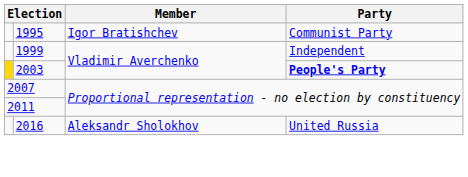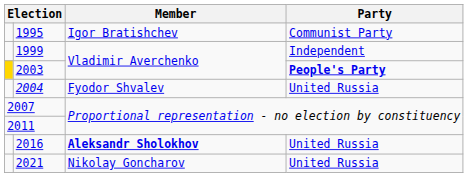 <table class="wikitable">
 <tr>
 <th colspan="2">Election</th>
 <th>Member</th>
 <th>Party</th>
 </tr>
 <tr>
 <td style="background-color:"></td>
 <td><a href='#'>1995</a></td>
 <td><a href='#'>Igor Bratishchev</a></td>
 <td><a href='#'>Communist Party</a></td>
 </tr>
 <tr>
 <td style="background-color:"></td>
 <td><a href='#'>1999</a></td>
 <td rowspan=2><a href='#'>Vladimir Averchenko</a></td>
 <td><a href='#'>Independent</a></td>
 </tr>
 <tr>
 <td style="background-color:#FFD700"></td>
 <td><a href='#'>2003</a></td>
 <td><strong><a href='#'>People's Party</a></strong></td>
 </tr>
 <tr>
+<td style="background-color:"></td>
+<td><em><a href='#'>2004</a></em></td>
+<td><a href='#'>Fyodor Shvalev</a></td>
+<td><a href='#'>United Russia</a></td>
+</tr>
+<tr>
 <td colspan=2><a href='#'>2007</a></td>
 <td colspan=2 rowspan=2><em><a href='#'>Proportional representation</a> - no election by constituency</em></td>
 </tr>
 <tr>
 <td colspan=2><a href='#'>2011</a></td>
 </tr>
 <tr>
 <td style="background-color: "></td>
 <td><a href='#'>2016</a></td>
-<td><a href='#'>Aleksandr Sholokhov</a></td>
+<td><strong><a href='#'>Aleksandr Sholokhov</a></strong></td>
+<td><a href='#'>United Russia</a></td>
+</tr>
+<tr>
+<td style="background-color: "></td>
+<td><a href='#'>2021</a></td>
+<td><a href='#'>Nikolay Goncharov</a></td>
 <td><a href='#'>United Russia</a></td>
 </tr>
 </table>
